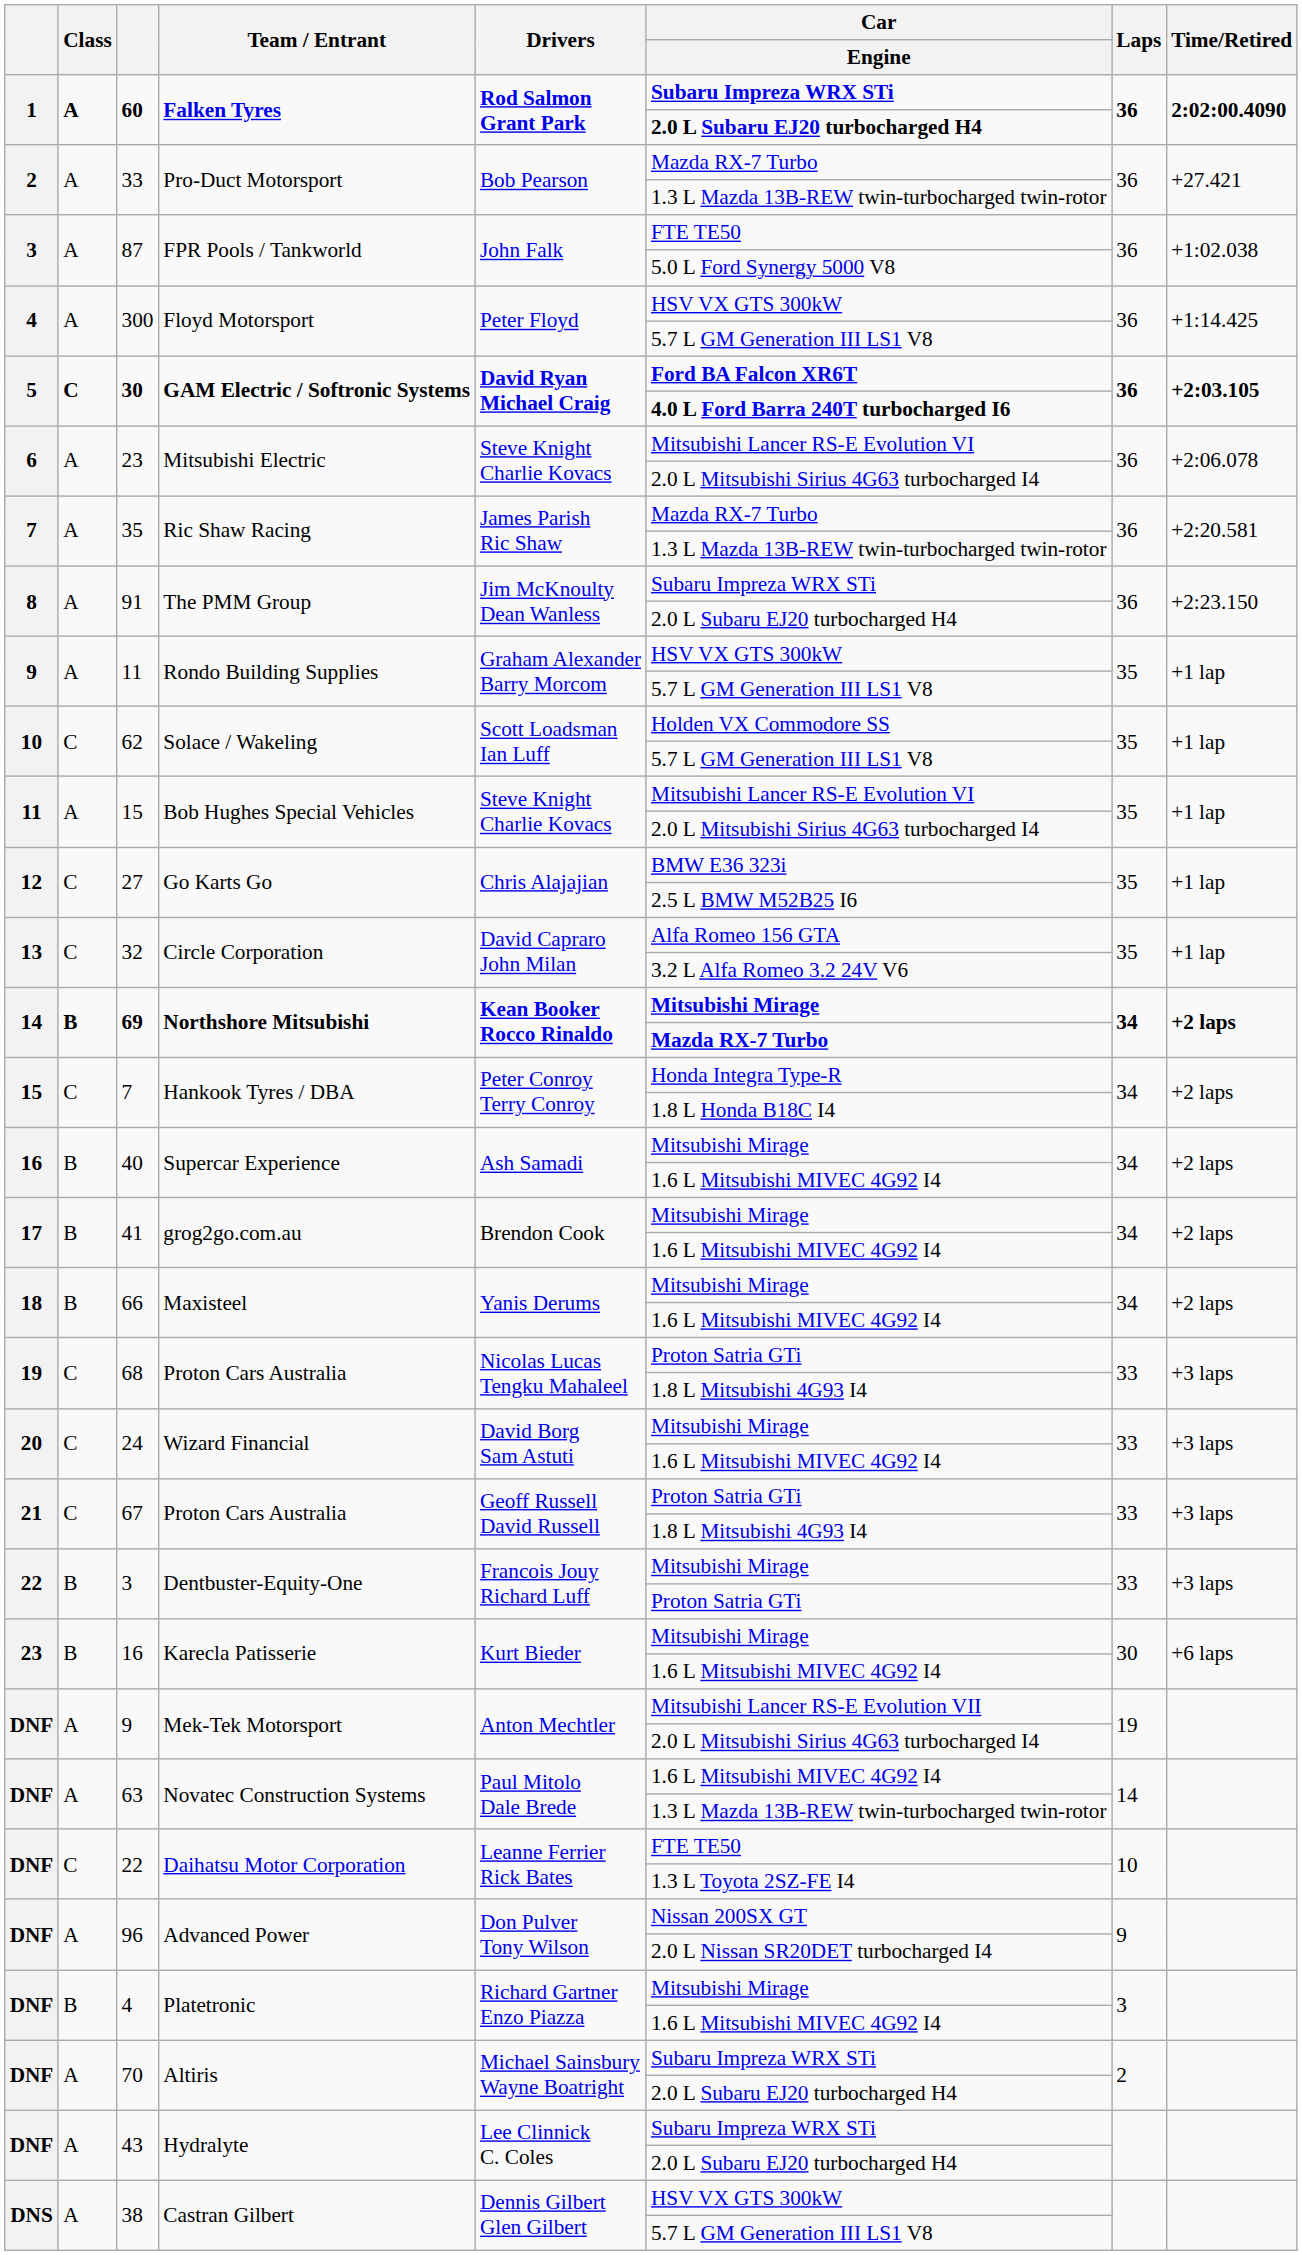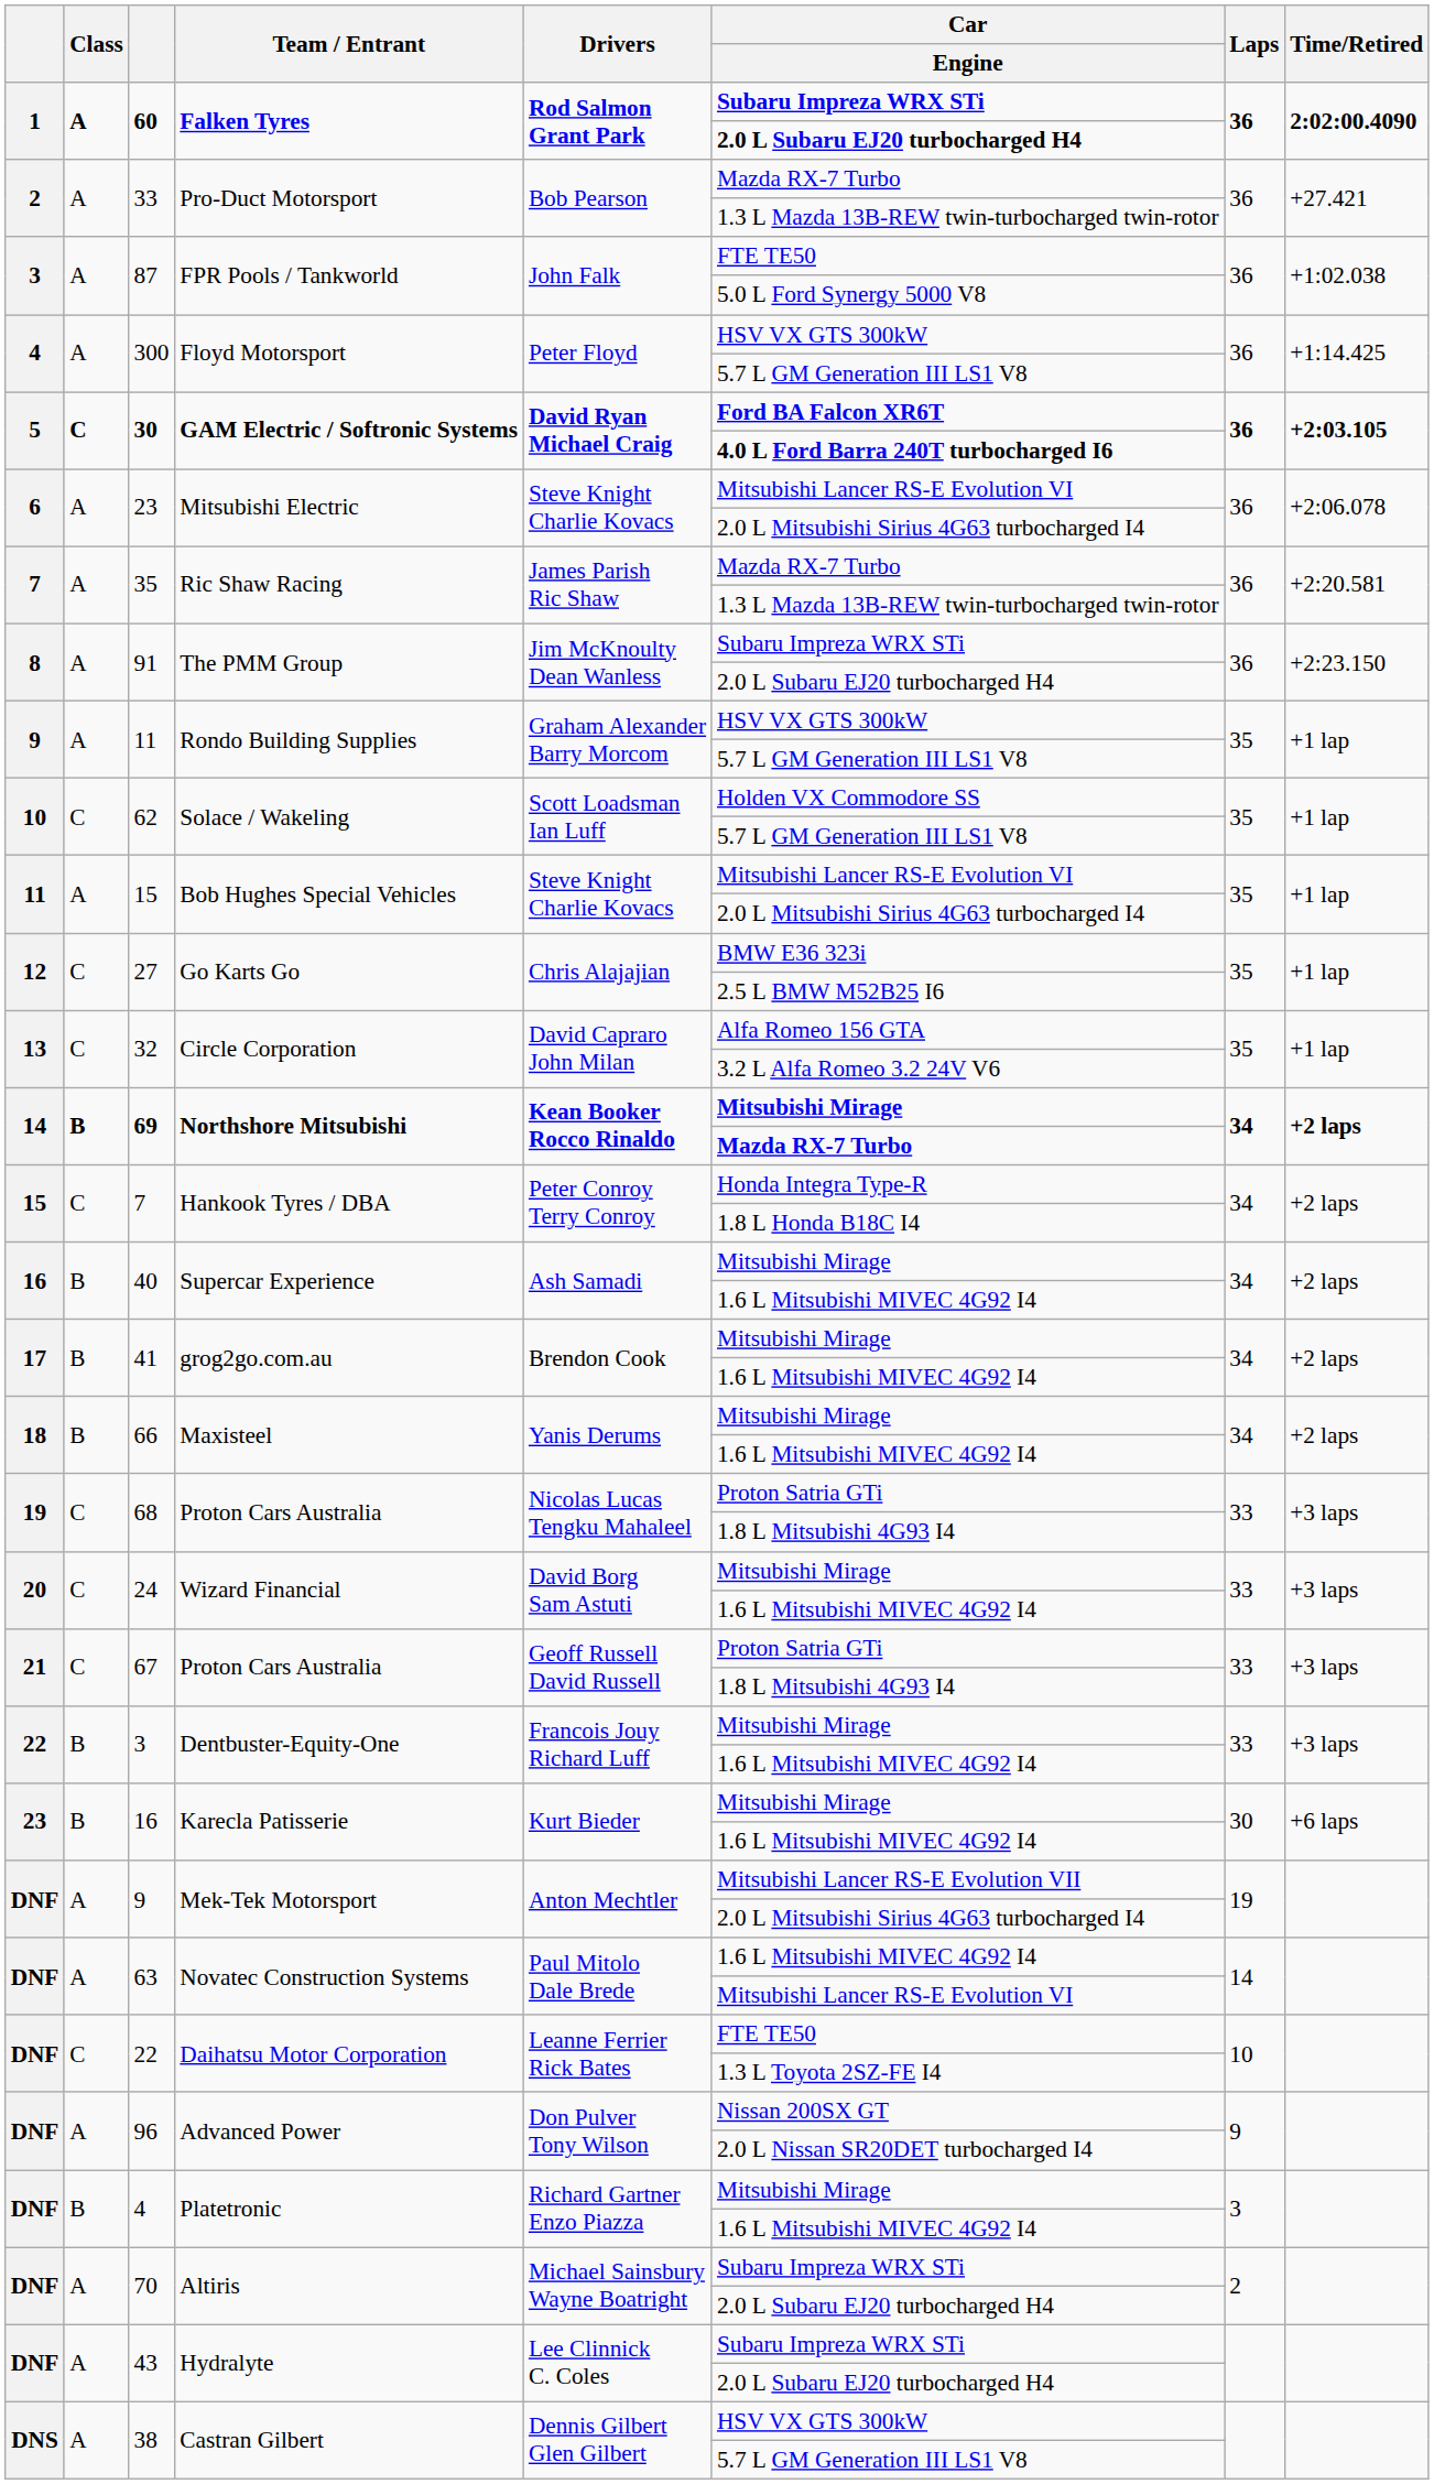 <table class="wikitable" style="font-size: 95%;">
 <tr>
 <th rowspan=2></th>
 <th rowspan=2>Class</th>
 <th rowspan=2></th>
 <th rowspan=2>Team / Entrant</th>
 <th rowspan=2>Drivers</th>
 <th>Car</th>
 <th rowspan=2>Laps</th>
 <th rowspan="2">Time/Retired</th>
 </tr>
 <tr>
 <th>Engine</th>
 </tr>
 <tr style="font-weight: bold">
 <th rowspan="2">1</th>
 <td rowspan="2">A</td>
 <td rowspan="2">60</td>
 <td rowspan="2"><a href='#'>Falken Tyres</a></td>
 <td rowspan="2"><a href='#'>Rod Salmon</a><br> <a href='#'>Grant Park</a></td>
 <td><a href='#'>Subaru Impreza WRX STi</a></td>
 <td rowspan="2">36</td>
 <td rowspan="2">2:02:00.4090</td>
 </tr>
 <tr style="font-weight: bold">
 <td>2.0 L <a href='#'>Subaru EJ20</a> turbocharged H4</td>
 </tr>
 <tr>
 <th rowspan="2">2</th>
 <td rowspan="2">A</td>
 <td rowspan="2">33</td>
 <td rowspan="2">Pro-Duct Motorsport</td>
 <td rowspan="2"><a href='#'>Bob Pearson</a></td>
 <td><a href='#'>Mazda RX-7 Turbo</a></td>
 <td rowspan="2">36</td>
 <td rowspan="2">+27.421</td>
 </tr>
 <tr>
 <td>1.3 L <a href='#'>Mazda 13B-REW</a> twin-turbocharged twin-rotor</td>
 </tr>
 <tr>
 <th rowspan="2">3</th>
 <td rowspan="2">A</td>
 <td rowspan="2">87</td>
 <td rowspan="2">FPR Pools / Tankworld</td>
 <td rowspan="2"><a href='#'>John Falk</a></td>
 <td><a href='#'>FTE TE50</a></td>
 <td rowspan="2">36</td>
 <td rowspan="2">+1:02.038</td>
 </tr>
 <tr>
 <td>5.0 L <a href='#'>Ford Synergy 5000</a> V8</td>
 </tr>
 <tr>
 <th rowspan="2">4</th>
 <td rowspan="2">A</td>
 <td rowspan="2">300</td>
 <td rowspan="2">Floyd Motorsport</td>
 <td rowspan="2"><a href='#'>Peter Floyd</a></td>
 <td><a href='#'>HSV VX GTS 300kW</a></td>
 <td rowspan="2">36</td>
 <td rowspan="2">+1:14.425</td>
 </tr>
 <tr>
 <td>5.7 L <a href='#'>GM Generation III LS1</a> V8</td>
 </tr>
 <tr style="font-weight: bold">
 <th rowspan="2">5</th>
 <td rowspan="2">C</td>
 <td rowspan="2">30</td>
 <td rowspan="2">GAM Electric / Softronic Systems</td>
 <td rowspan="2"><a href='#'>David Ryan</a><br> <a href='#'>Michael Craig</a></td>
 <td><a href='#'>Ford BA Falcon XR6T</a></td>
 <td rowspan="2">36</td>
 <td rowspan="2">+2:03.105</td>
 </tr>
 <tr style="font-weight: bold">
 <td>4.0 L <a href='#'>Ford Barra 240T</a> turbocharged I6</td>
 </tr>
 <tr>
 <th rowspan="2">6</th>
 <td rowspan="2">A</td>
 <td rowspan="2">23</td>
 <td rowspan="2">Mitsubishi Electric</td>
 <td rowspan="2"><a href='#'>Steve Knight</a><br> <a href='#'>Charlie Kovacs</a></td>
 <td><a href='#'>Mitsubishi Lancer RS-E Evolution VI</a></td>
 <td rowspan="2">36</td>
 <td rowspan="2">+2:06.078</td>
 </tr>
 <tr>
 <td>2.0 L <a href='#'>Mitsubishi Sirius 4G63</a> turbocharged I4</td>
 </tr>
 <tr>
 <th rowspan="2">7</th>
 <td rowspan="2">A</td>
 <td rowspan="2">35</td>
 <td rowspan="2">Ric Shaw Racing</td>
 <td rowspan="2"><a href='#'>James Parish</a><br> <a href='#'>Ric Shaw</a></td>
 <td><a href='#'>Mazda RX-7 Turbo</a></td>
 <td rowspan="2">36</td>
 <td rowspan="2">+2:20.581</td>
 </tr>
 <tr>
 <td>1.3 L <a href='#'>Mazda 13B-REW</a> twin-turbocharged twin-rotor</td>
 </tr>
 <tr>
 <th rowspan="2">8</th>
 <td rowspan="2">A</td>
 <td rowspan="2">91</td>
 <td rowspan="2">The PMM Group</td>
 <td rowspan="2"><a href='#'>Jim McKnoulty</a><br> <a href='#'>Dean Wanless</a></td>
 <td><a href='#'>Subaru Impreza WRX STi</a></td>
 <td rowspan="2">36</td>
 <td rowspan="2">+2:23.150</td>
 </tr>
 <tr>
 <td>2.0 L <a href='#'>Subaru EJ20</a> turbocharged H4</td>
 </tr>
 <tr>
 <th rowspan="2">9</th>
 <td rowspan="2">A</td>
 <td rowspan="2">11</td>
 <td rowspan="2">Rondo Building Supplies</td>
 <td rowspan="2"><a href='#'>Graham Alexander</a><br> <a href='#'>Barry Morcom</a></td>
 <td><a href='#'>HSV VX GTS 300kW</a></td>
 <td rowspan="2">35</td>
 <td rowspan="2">+1 lap</td>
 </tr>
 <tr>
 <td>5.7 L <a href='#'>GM Generation III LS1</a> V8</td>
 </tr>
 <tr>
 <th rowspan="2">10</th>
 <td rowspan="2">C</td>
 <td rowspan="2">62</td>
 <td rowspan="2">Solace / Wakeling</td>
 <td rowspan="2"><a href='#'>Scott Loadsman</a><br> <a href='#'>Ian Luff</a></td>
 <td><a href='#'>Holden VX Commodore SS</a></td>
 <td rowspan="2">35</td>
 <td rowspan="2">+1 lap</td>
 </tr>
 <tr>
 <td>5.7 L <a href='#'>GM Generation III LS1</a> V8</td>
 </tr>
 <tr>
 <th rowspan="2">11</th>
 <td rowspan="2">A</td>
 <td rowspan="2">15</td>
 <td rowspan="2">Bob Hughes Special Vehicles</td>
 <td rowspan="2"><a href='#'>Steve Knight</a><br> <a href='#'>Charlie Kovacs</a></td>
 <td><a href='#'>Mitsubishi Lancer RS-E Evolution VI</a></td>
 <td rowspan="2">35</td>
 <td rowspan="2">+1 lap</td>
 </tr>
 <tr>
 <td>2.0 L <a href='#'>Mitsubishi Sirius 4G63</a> turbocharged I4</td>
 </tr>
 <tr>
 <th rowspan="2">12</th>
 <td rowspan="2">C</td>
 <td rowspan="2">27</td>
 <td rowspan="2">Go Karts Go</td>
 <td rowspan="2"><a href='#'>Chris Alajajian</a></td>
 <td><a href='#'>BMW E36 323i</a></td>
 <td rowspan="2">35</td>
 <td rowspan="2">+1 lap</td>
 </tr>
 <tr>
 <td>2.5 L <a href='#'>BMW M52B25</a> I6</td>
 </tr>
 <tr>
 <th rowspan="2">13</th>
 <td rowspan="2">C</td>
 <td rowspan="2">32</td>
 <td rowspan="2">Circle Corporation</td>
 <td rowspan="2"><a href='#'>David Capraro</a><br> <a href='#'>John Milan</a></td>
 <td><a href='#'>Alfa Romeo 156 GTA</a></td>
 <td rowspan="2">35</td>
 <td rowspan="2">+1 lap</td>
 </tr>
 <tr>
 <td>3.2 L <a href='#'>Alfa Romeo 3.2 24V</a> V6</td>
 </tr>
 <tr style="font-weight: bold">
 <th rowspan="2">14</th>
 <td rowspan="2">B</td>
 <td rowspan="2">69</td>
 <td rowspan="2">Northshore Mitsubishi</td>
 <td rowspan="2"><a href='#'>Kean Booker</a><br> <a href='#'>Rocco Rinaldo</a></td>
 <td><a href='#'>Mitsubishi Mirage</a></td>
 <td rowspan="2">34</td>
 <td rowspan="2">+2 laps</td>
 </tr>
 <tr style="font-weight: bold">
 <td><a href='#'>Mazda RX-7 Turbo</a></td>
 </tr>
 <tr>
 <th rowspan="2">15</th>
 <td rowspan="2">C</td>
 <td rowspan="2">7</td>
 <td rowspan="2">Hankook Tyres / DBA</td>
 <td rowspan="2"><a href='#'>Peter Conroy</a><br> <a href='#'>Terry Conroy</a></td>
 <td><a href='#'>Honda Integra Type-R</a></td>
 <td rowspan="2">34</td>
 <td rowspan="2">+2 laps</td>
 </tr>
 <tr>
 <td>1.8 L <a href='#'>Honda B18C</a> I4</td>
 </tr>
 <tr>
 <th rowspan="2">16</th>
 <td rowspan="2">B</td>
 <td rowspan="2">40</td>
 <td rowspan="2">Supercar Experience</td>
 <td rowspan="2"><a href='#'>Ash Samadi</a></td>
 <td><a href='#'>Mitsubishi Mirage</a></td>
 <td rowspan="2">34</td>
 <td rowspan="2">+2 laps</td>
 </tr>
 <tr>
 <td>1.6 L <a href='#'>Mitsubishi MIVEC 4G92</a> I4</td>
 </tr>
 <tr>
 <th rowspan="2">17</th>
 <td rowspan="2">B</td>
 <td rowspan="2">41</td>
 <td rowspan="2">grog2go.com.au</td>
 <td rowspan="2">Brendon Cook</td>
 <td><a href='#'>Mitsubishi Mirage</a></td>
 <td rowspan="2">34</td>
 <td rowspan="2">+2 laps</td>
 </tr>
 <tr>
 <td>1.6 L <a href='#'>Mitsubishi MIVEC 4G92</a> I4</td>
 </tr>
 <tr>
 <th rowspan="2">18</th>
 <td rowspan="2">B</td>
 <td rowspan="2">66</td>
 <td rowspan="2">Maxisteel</td>
 <td rowspan="2"><a href='#'>Yanis Derums</a></td>
 <td><a href='#'>Mitsubishi Mirage</a></td>
 <td rowspan="2">34</td>
 <td rowspan="2">+2 laps</td>
 </tr>
 <tr>
 <td>1.6 L <a href='#'>Mitsubishi MIVEC 4G92</a> I4</td>
 </tr>
 <tr>
 <th rowspan="2">19</th>
 <td rowspan="2">C</td>
 <td rowspan="2">68</td>
 <td rowspan="2">Proton Cars Australia</td>
 <td rowspan="2"><a href='#'>Nicolas Lucas</a><br> <a href='#'>Tengku Mahaleel</a></td>
 <td><a href='#'>Proton Satria GTi</a></td>
 <td rowspan="2">33</td>
 <td rowspan="2">+3 laps</td>
 </tr>
 <tr>
 <td>1.8 L <a href='#'>Mitsubishi 4G93</a> I4</td>
 </tr>
 <tr>
 <th rowspan="2">20</th>
 <td rowspan="2">C</td>
 <td rowspan="2">24</td>
 <td rowspan="2">Wizard Financial</td>
 <td rowspan="2"><a href='#'>David Borg</a><br> <a href='#'>Sam Astuti</a></td>
 <td><a href='#'>Mitsubishi Mirage</a></td>
 <td rowspan="2">33</td>
 <td rowspan="2">+3 laps</td>
 </tr>
 <tr>
 <td>1.6 L <a href='#'>Mitsubishi MIVEC 4G92</a> I4</td>
 </tr>
 <tr>
 <th rowspan="2">21</th>
 <td rowspan="2">C</td>
 <td rowspan="2">67</td>
 <td rowspan="2">Proton Cars Australia</td>
 <td rowspan="2"><a href='#'>Geoff Russell</a><br> <a href='#'>David Russell</a></td>
 <td><a href='#'>Proton Satria GTi</a></td>
 <td rowspan="2">33</td>
 <td rowspan="2">+3 laps</td>
 </tr>
 <tr>
 <td>1.8 L <a href='#'>Mitsubishi 4G93</a> I4</td>
 </tr>
 <tr>
 <th rowspan="2">22</th>
 <td rowspan="2">B</td>
 <td rowspan="2">3</td>
 <td rowspan="2">Dentbuster-Equity-One</td>
 <td rowspan="2"><a href='#'>Francois Jouy</a><br> <a href='#'>Richard Luff</a></td>
 <td><a href='#'>Mitsubishi Mirage</a></td>
 <td rowspan="2">33</td>
 <td rowspan="2">+3 laps</td>
 </tr>
 <tr>
-<td><a href='#'>Proton Satria GTi</a></td>
+<td>1.6 L <a href='#'>Mitsubishi MIVEC 4G92</a> I4</td>
 </tr>
 <tr>
 <th rowspan="2">23</th>
 <td rowspan="2">B</td>
 <td rowspan="2">16</td>
 <td rowspan="2">Karecla Patisserie</td>
 <td rowspan="2"><a href='#'>Kurt Bieder</a></td>
 <td><a href='#'>Mitsubishi Mirage</a></td>
 <td rowspan="2">30</td>
 <td rowspan="2">+6 laps</td>
 </tr>
 <tr>
 <td>1.6 L <a href='#'>Mitsubishi MIVEC 4G92</a> I4</td>
 </tr>
 <tr>
 <th rowspan="2">DNF</th>
 <td rowspan="2">A</td>
 <td rowspan="2">9</td>
 <td rowspan="2">Mek-Tek Motorsport</td>
 <td rowspan="2"><a href='#'>Anton Mechtler</a></td>
 <td><a href='#'>Mitsubishi Lancer RS-E Evolution VII</a></td>
 <td rowspan="2">19</td>
 <td rowspan="2"></td>
 </tr>
 <tr>
 <td>2.0 L <a href='#'>Mitsubishi Sirius 4G63</a> turbocharged I4</td>
 </tr>
 <tr>
 <th rowspan="2">DNF</th>
 <td rowspan="2">A</td>
 <td rowspan="2">63</td>
 <td rowspan="2">Novatec Construction Systems</td>
 <td rowspan="2"><a href='#'>Paul Mitolo</a><br> <a href='#'>Dale Brede</a></td>
 <td>1.6 L <a href='#'>Mitsubishi MIVEC 4G92</a> I4</td>
 <td rowspan="2">14</td>
 <td rowspan="2"></td>
 </tr>
 <tr>
-<td>1.3 L <a href='#'>Mazda 13B-REW</a> twin-turbocharged twin-rotor</td>
+<td><a href='#'>Mitsubishi Lancer RS-E Evolution VI</a></td>
 </tr>
 <tr>
 <th rowspan="2">DNF</th>
 <td rowspan="2">C</td>
 <td rowspan="2">22</td>
 <td rowspan="2"><a href='#'>Daihatsu Motor Corporation</a></td>
 <td rowspan="2"><a href='#'>Leanne Ferrier</a><br> <a href='#'>Rick Bates</a></td>
 <td><a href='#'>FTE TE50</a></td>
 <td rowspan="2">10</td>
 <td rowspan="2"></td>
 </tr>
 <tr>
 <td>1.3 L <a href='#'>Toyota 2SZ-FE</a> I4</td>
 </tr>
 <tr>
 <th rowspan="2">DNF</th>
 <td rowspan="2">A</td>
 <td rowspan="2">96</td>
 <td rowspan="2">Advanced Power</td>
 <td rowspan="2"><a href='#'>Don Pulver</a><br> <a href='#'>Tony Wilson</a></td>
 <td><a href='#'>Nissan 200SX GT</a></td>
 <td rowspan="2">9</td>
 <td rowspan="2"></td>
 </tr>
 <tr>
 <td>2.0 L <a href='#'>Nissan SR20DET</a> turbocharged I4</td>
 </tr>
 <tr>
 <th rowspan="2">DNF</th>
 <td rowspan="2">B</td>
 <td rowspan="2">4</td>
 <td rowspan="2">Platetronic</td>
 <td rowspan="2"><a href='#'>Richard Gartner</a><br> <a href='#'>Enzo Piazza</a></td>
 <td><a href='#'>Mitsubishi Mirage</a></td>
 <td rowspan="2">3</td>
 <td rowspan="2"></td>
 </tr>
 <tr>
 <td>1.6 L <a href='#'>Mitsubishi MIVEC 4G92</a> I4</td>
 </tr>
 <tr>
 <th rowspan="2">DNF</th>
 <td rowspan="2">A</td>
 <td rowspan="2">70</td>
 <td rowspan="2">Altiris</td>
 <td rowspan="2"><a href='#'>Michael Sainsbury</a><br> <a href='#'>Wayne Boatright</a></td>
 <td><a href='#'>Subaru Impreza WRX STi</a></td>
 <td rowspan="2">2</td>
 <td rowspan="2"></td>
 </tr>
 <tr>
 <td>2.0 L <a href='#'>Subaru EJ20</a> turbocharged H4</td>
 </tr>
 <tr>
 <th rowspan="2">DNF</th>
 <td rowspan="2">A</td>
 <td rowspan="2">43</td>
 <td rowspan="2">Hydralyte</td>
 <td rowspan="2"><a href='#'>Lee Clinnick</a><br> C. Coles</td>
 <td><a href='#'>Subaru Impreza WRX STi</a></td>
 <td rowspan="2"></td>
 <td rowspan="2"></td>
 </tr>
 <tr>
 <td>2.0 L <a href='#'>Subaru EJ20</a> turbocharged H4</td>
 </tr>
 <tr>
 <th rowspan="2">DNS</th>
 <td rowspan="2">A</td>
 <td rowspan="2">38</td>
 <td rowspan="2">Castran Gilbert</td>
 <td rowspan="2"><a href='#'>Dennis Gilbert</a><br> <a href='#'>Glen Gilbert</a></td>
 <td><a href='#'>HSV VX GTS 300kW</a></td>
 <td rowspan="2"></td>
 <td rowspan="2"></td>
 </tr>
 <tr>
 <td>5.7 L <a href='#'>GM Generation III LS1</a> V8</td>
 </tr>
 </table>
